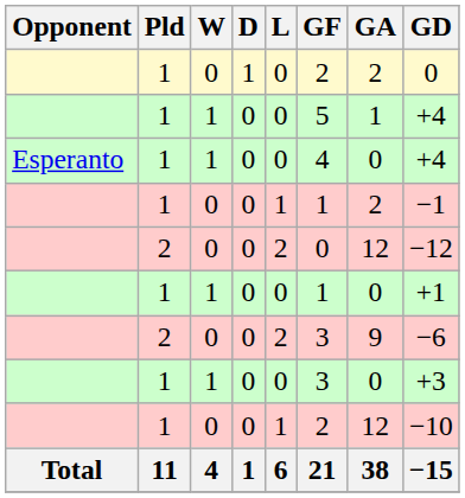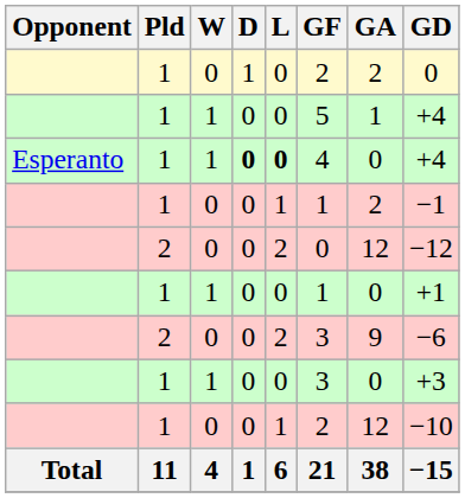 <table class="wikitable sortable" style="text-align: center">
 <tr>
 <th>Opponent</th>
 <th>Pld</th>
 <th>W</th>
 <th>D</th>
 <th>L</th>
 <th>GF</th>
 <th>GA</th>
 <th>GD</th>
 </tr>
 <tr style="background:#FFFACD">
 <td style="text-align:left;"></td>
 <td>1</td>
 <td>0</td>
 <td>1</td>
 <td>0</td>
 <td>2</td>
 <td>2</td>
 <td>0</td>
 </tr>
 <tr style="background:#CCFFCC">
 <td style="text-align:left;"></td>
 <td>1</td>
 <td>1</td>
 <td>0</td>
 <td>0</td>
 <td>5</td>
 <td>1</td>
 <td>+4</td>
 </tr>
 <tr style="background:#CCFFCC">
 <td style="text-align:left;"> <a href='#'>Esperanto</a></td>
 <td>1</td>
 <td>1</td>
-<td>0</td>
-<td>0</td>
+<td><strong>0</strong></td>
+<td><strong>0</strong></td>
 <td>4</td>
 <td>0</td>
 <td>+4</td>
 </tr>
 <tr style="background:#FFCCCC">
 <td style="text-align:left;"></td>
 <td>1</td>
 <td>0</td>
 <td>0</td>
 <td>1</td>
 <td>1</td>
 <td>2</td>
 <td>−1</td>
 </tr>
 <tr style="background:#FFCCCC">
 <td style="text-align:left;"></td>
 <td>2</td>
 <td>0</td>
 <td>0</td>
 <td>2</td>
 <td>0</td>
 <td>12</td>
 <td>−12</td>
 </tr>
 <tr style="background:#CCFFCC">
 <td style="text-align:left;"></td>
 <td>1</td>
 <td>1</td>
 <td>0</td>
 <td>0</td>
 <td>1</td>
 <td>0</td>
 <td>+1</td>
 </tr>
 <tr style="background:#FFCCCC">
 <td style="text-align:left;"></td>
 <td>2</td>
 <td>0</td>
 <td>0</td>
 <td>2</td>
 <td>3</td>
 <td>9</td>
 <td>−6</td>
 </tr>
 <tr style="background:#CCFFCC">
 <td style="text-align:left;"></td>
 <td>1</td>
 <td>1</td>
 <td>0</td>
 <td>0</td>
 <td>3</td>
 <td>0</td>
 <td>+3</td>
 </tr>
 <tr style="background:#FFCCCC">
 <td style="text-align:left;"></td>
 <td>1</td>
 <td>0</td>
 <td>0</td>
 <td>1</td>
 <td>2</td>
 <td>12</td>
 <td>−10</td>
 </tr>
 <tr class="sortbottom">
 <th>Total</th>
 <th>11</th>
 <th>4</th>
 <th>1</th>
 <th>6</th>
 <th>21</th>
 <th>38</th>
 <th>−15</th>
 </tr>
 <tr>
 </tr>
 </table>
